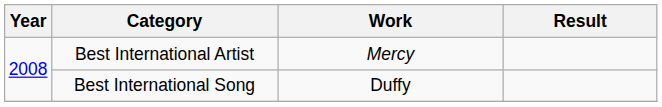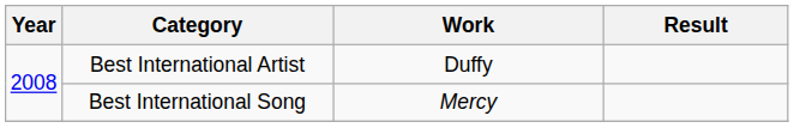 <table class="wikitable" style="text-align:center; font-size:90%; line-height:20px;">
 <tr>
 <th>Year</th>
 <th width="180px">Category</th>
 <th width="180px">Work</th>
 <th width="120px">Result</th>
 </tr>
 <tr>
 <td rowspan="2"><a href='#'>2008</a></td>
 <td>Best International Artist</td>
-<td><em>Mercy</em></td>
+<td>Duffy</td>
 <td></td>
 </tr>
 <tr>
 <td>Best International Song</td>
-<td>Duffy</td>
+<td><em>Mercy</em></td>
 <td></td>
 </tr>
 <tr>
 </tr>
 </table>
